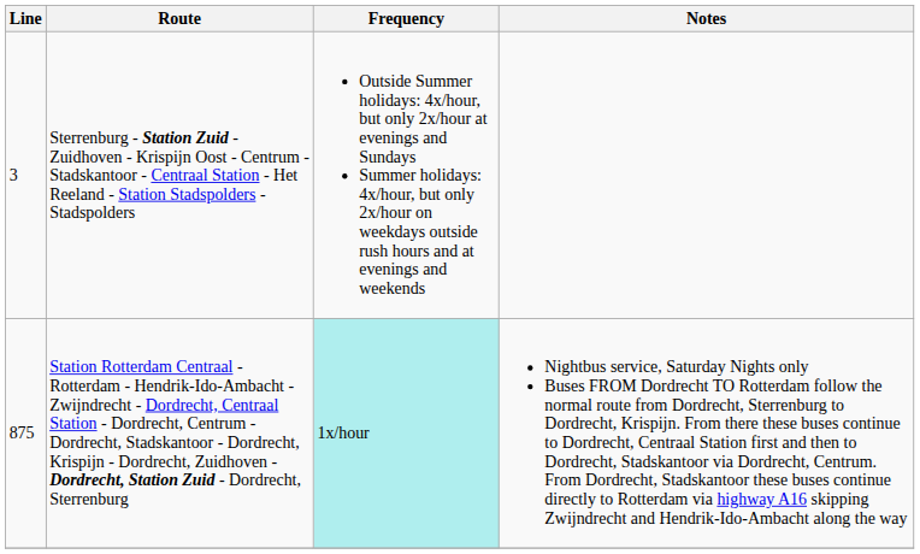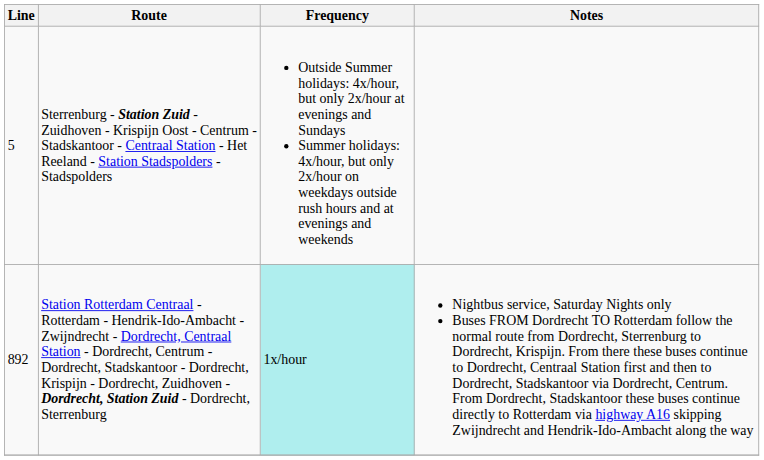 <table class="wikitable vatop">
 <tr>
 <th>Line</th>
 <th>Route</th>
 <th>Frequency</th>
 <th>Notes</th>
 </tr>
 <tr>
-<td>3</td>
+<td>5</td>
 <td>Sterrenburg - <strong><em>Station Zuid</em></strong> - Zuidhoven - Krispijn Oost - Centrum - Stadskantoor - <a href='#'>Centraal Station</a> - Het Reeland - <a href='#'>Station Stadspolders</a> - Stadspolders</td>
 <td><br><ul><li>Outside Summer holidays: 4x/hour, but only 2x/hour at evenings and Sundays</li><li>Summer holidays: 4x/hour, but only 2x/hour on weekdays outside rush hours and at evenings and weekends</li></ul></td>
 <td></td>
 </tr>
 <tr>
-<td>875</td>
+<td>892</td>
 <td><a href='#'>Station Rotterdam Centraal</a> - Rotterdam - Hendrik-Ido-Ambacht -  Zwijndrecht - <a href='#'>Dordrecht, Centraal Station</a> - Dordrecht, Centrum - Dordrecht, Stadskantoor - Dordrecht, Krispijn - Dordrecht, Zuidhoven - <strong><em>Dordrecht, Station Zuid</em></strong> - Dordrecht, Sterrenburg</td>
 <td style="background: paleturquoise;">1x/hour</td>
 <td><br><ul><li>Nightbus service, Saturday Nights only</li><li>Buses FROM Dordrecht TO Rotterdam follow the normal route from Dordrecht, Sterrenburg to Dordrecht, Krispijn. From there these buses continue to Dordrecht, Centraal Station first and then to Dordrecht, Stadskantoor via Dordrecht, Centrum. From Dordrecht, Stadskantoor these buses continue directly to Rotterdam via <a href='#'>highway A16</a> skipping Zwijndrecht and Hendrik-Ido-Ambacht along the way</li></ul></td>
 </tr>
 <tr>
 </tr>
 </table>
